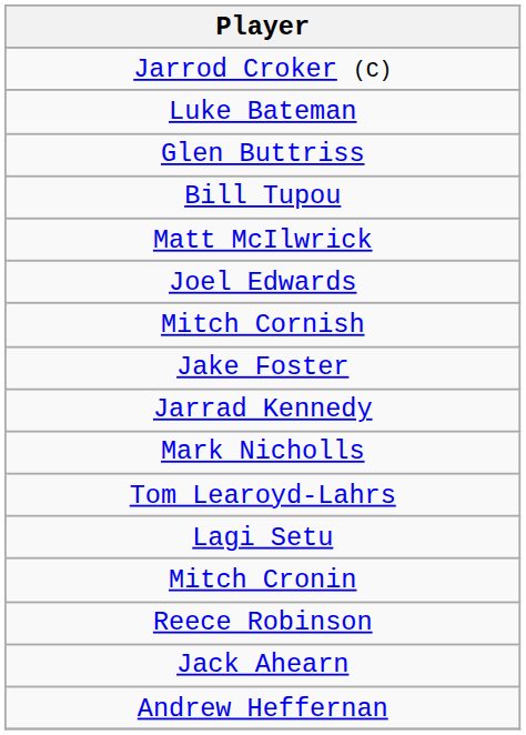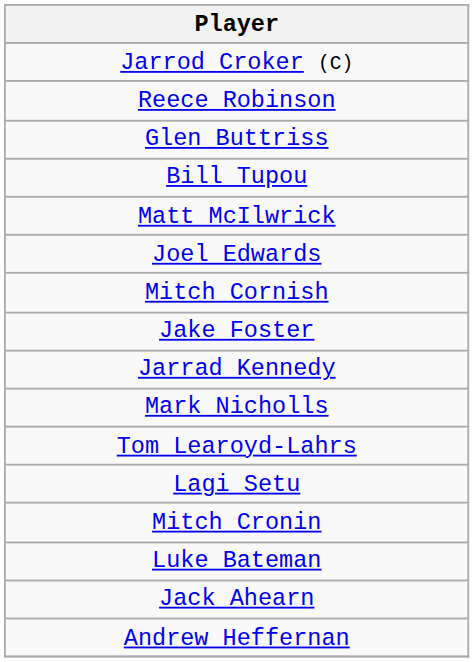 <table class="wikitable" style="text-align: center;">
 <tr>
 <th style="width:250px;">Player</th>
 </tr>
 <tr>
 <td><a href='#'>Jarrod Croker</a> <small>(C)</small></td>
 </tr>
 <tr>
-<td><a href='#'>Luke Bateman</a></td>
+<td><a href='#'>Reece Robinson</a></td>
 </tr>
 <tr>
 <td><a href='#'>Glen Buttriss</a></td>
 </tr>
 <tr>
 <td><a href='#'>Bill Tupou</a></td>
 </tr>
 <tr>
 <td><a href='#'>Matt McIlwrick</a></td>
 </tr>
 <tr>
 <td><a href='#'>Joel Edwards</a></td>
 </tr>
 <tr>
 <td><a href='#'>Mitch Cornish</a></td>
 </tr>
 <tr>
 <td><a href='#'>Jake Foster</a></td>
 </tr>
 <tr>
 <td><a href='#'>Jarrad Kennedy</a></td>
 </tr>
 <tr>
 <td><a href='#'>Mark Nicholls</a></td>
 </tr>
 <tr>
 <td><a href='#'>Tom Learoyd-Lahrs</a></td>
 </tr>
 <tr>
 <td><a href='#'>Lagi Setu</a></td>
 </tr>
 <tr>
 <td><a href='#'>Mitch Cronin</a></td>
 </tr>
 <tr>
-<td><a href='#'>Reece Robinson</a></td>
+<td><a href='#'>Luke Bateman</a></td>
 </tr>
 <tr>
 <td><a href='#'>Jack Ahearn</a></td>
 </tr>
 <tr>
 <td><a href='#'>Andrew Heffernan</a></td>
 </tr>
 <tr>
 </tr>
 </table>
